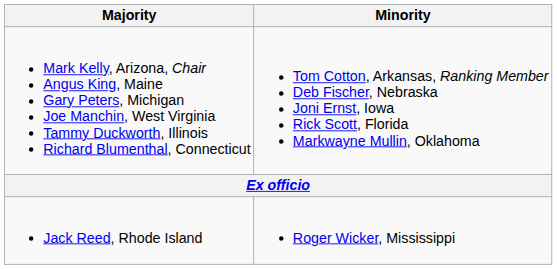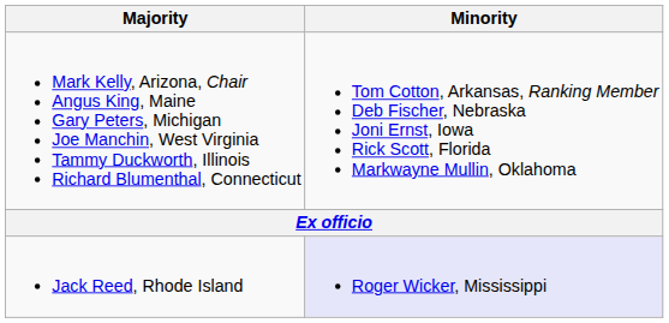 <table class=wikitable>
 <tr>
 <th>Majority</th>
 <th>Minority</th>
 </tr>
 <tr>
 <td><br><ul><li><a href='#'>Mark Kelly</a>, Arizona, <em>Chair</em></li><li><span><a href='#'>Angus King</a>, Maine</span></li><li><a href='#'>Gary Peters</a>, Michigan</li><li><a href='#'>Joe Manchin</a>, West Virginia</li><li><a href='#'>Tammy Duckworth</a>, Illinois</li><li><a href='#'>Richard Blumenthal</a>, Connecticut</li></ul></td>
 <td><br><ul><li><a href='#'>Tom Cotton</a>, Arkansas, <em>Ranking Member</em></li><li><a href='#'>Deb Fischer</a>, Nebraska</li><li><a href='#'>Joni Ernst</a>, Iowa</li><li><a href='#'>Rick Scott</a>, Florida</li><li><a href='#'>Markwayne Mullin</a>, Oklahoma</li></ul></td>
 </tr>
 <tr>
 <th colspan=2><em><a href='#'>Ex officio</a></em></th>
 </tr>
 <tr>
 <td><br><ul><li><a href='#'>Jack Reed</a>, Rhode Island</li></ul></td>
-<td><br><ul><li><a href='#'>Roger Wicker</a>, Mississippi</li></ul></td>
+<td style="background: lavender;"><br><ul><li><a href='#'>Roger Wicker</a>, Mississippi</li></ul></td>
 </tr>
 </table>
